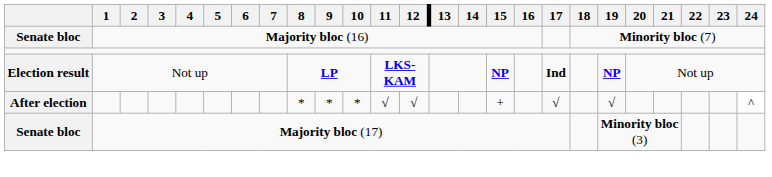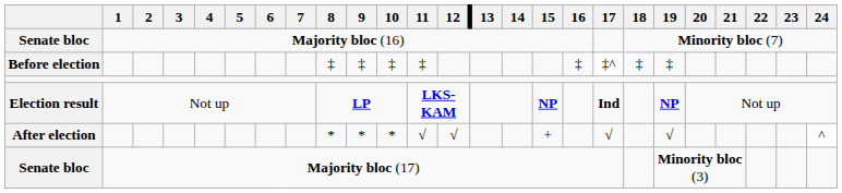 <table class="wikitable" style="text-align:center; font-size:95%">
 <tr>
 <th></th>
 <th width="25px">1</th>
 <th width="25px">2</th>
 <th width="25px">3</th>
 <th width="25px">4</th>
 <th width="25px">5</th>
 <th width="25px">6</th>
 <th width="25px">7</th>
 <th width="25px">8</th>
 <th width="25px">9</th>
 <th width="25px">10</th>
 <th width="25px">11</th>
 <th width="25px">12</th>
 <th width="25px" style="border-left:5px solid black;">13</th>
 <th width="25px">14</th>
 <th width="25px">15</th>
 <th width="25px">16</th>
 <th width="25px">17</th>
 <th width="25px">18</th>
 <th width="25px">19</th>
 <th width="25px">20</th>
 <th width="25px">21</th>
 <th width="25px">22</th>
 <th width="25px">23</th>
 <th width="25px">24</th>
 </tr>
 <tr align=center>
 <th>Senate bloc</th>
 <td colspan=16 style="background-color: "><strong>Majority bloc</strong> (16)</td>
 <td></td>
 <td colspan=7 style="background-color: "><strong>Minority bloc</strong> (7)</td>
+</tr>
+<tr>
+<th>Before election</th>
+<td style="background-color: "></td>
+<td style="background-color: "></td>
+<td style="background-color: "></td>
+<td style="background-color: "></td>
+<td style="background-color: "></td>
+<td style="background-color: "></td>
+<td style="background-color: "></td>
+<td style="background-color: ">‡</td>
+<td style="background-color: ">‡</td>
+<td style="background-color: ">‡</td>
+<td style="background-color: ">‡</td>
+<td style="background-color: "></td>
+<td style="background-color: "></td>
+<td style="background-color: "></td>
+<td style="background-color: "></td>
+<td style="background-color: ">‡</td>
+<td style="background-color: white">‡^</td>
+<td style="background-color: ">‡</td>
+<td style="background-color: ">‡</td>
+<td style="background-color: "></td>
+<td style="background-color: "></td>
+<td style="background-color: "></td>
+<td style="background-color: "></td>
+<td style="background-color: "></td>
 </tr>
 <tr>
 <td colspan=25></td>
 </tr>
 <tr>
 <th>Election result</th>
 <td colspan=7>Not up</td>
 <td colspan=3 style="background-color: "><strong><a href='#'>LP</a></strong></td>
 <td colspan=2 style="background-color: "><strong><a href='#'>LKS-KAM</a></strong></td>
 <td colspan=2 style="background-color: "><strong><a href='#'></a></strong></td>
 <td style="background-color: "><strong><a href='#'>NP</a></strong></td>
 <td style="background-color: "><strong><a href='#'></a></strong></td>
 <td style="background-color: "><strong>Ind</strong></td>
 <td style="background-color: "><strong><a href='#'></a></strong></td>
 <td style="background-color: "><strong><a href='#'>NP</a></strong></td>
 <td colspan=5>Not up</td>
 </tr>
 <tr>
 <th>After election</th>
 <td style="background-color: "></td>
 <td style="background-color: "></td>
 <td style="background-color: "></td>
 <td style="background-color: "></td>
 <td style="background-color: "></td>
 <td style="background-color: "></td>
 <td style="background-color: "></td>
 <td style="background-color: ">*</td>
 <td style="background-color: ">*</td>
 <td style="background-color: ">*</td>
 <td style="background-color: ">√</td>
 <td style="background-color: ">√</td>
 <td style="background-color: "></td>
 <td style="background-color: "></td>
 <td style="background-color: ">+</td>
 <td style="background-color: "></td>
 <td style="background-color: ">√</td>
 <td style="background-color: "></td>
 <td style="background-color: ">√</td>
 <td style="background-color: "></td>
 <td style="background-color: "></td>
 <td style="background-color: "></td>
 <td style="background-color: "></td>
 <td style="background-color: white">^</td>
 </tr>
 <tr align=center>
 <th>Senate bloc</th>
 <td colspan=17 style="background-color: "><strong>Majority bloc</strong> (17)</td>
 <td></td>
 <td colspan=3 style="background-color: "><strong>Minority bloc</strong> (3)</td>
 <td></td>
 <td></td>
 <td></td>
 </tr>
 </table>
